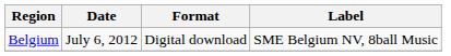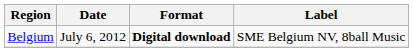 <table class=wikitable>
 <tr>
 <th>Region</th>
 <th>Date</th>
 <th>Format</th>
 <th>Label</th>
 </tr>
 <tr>
 <td><a href='#'>Belgium</a></td>
 <td>July 6, 2012</td>
-<td>Digital download</td>
+<td><strong>Digital download</strong></td>
 <td>SME Belgium NV, 8ball Music</td>
 </tr>
 <tr>
 </tr>
 </table>
